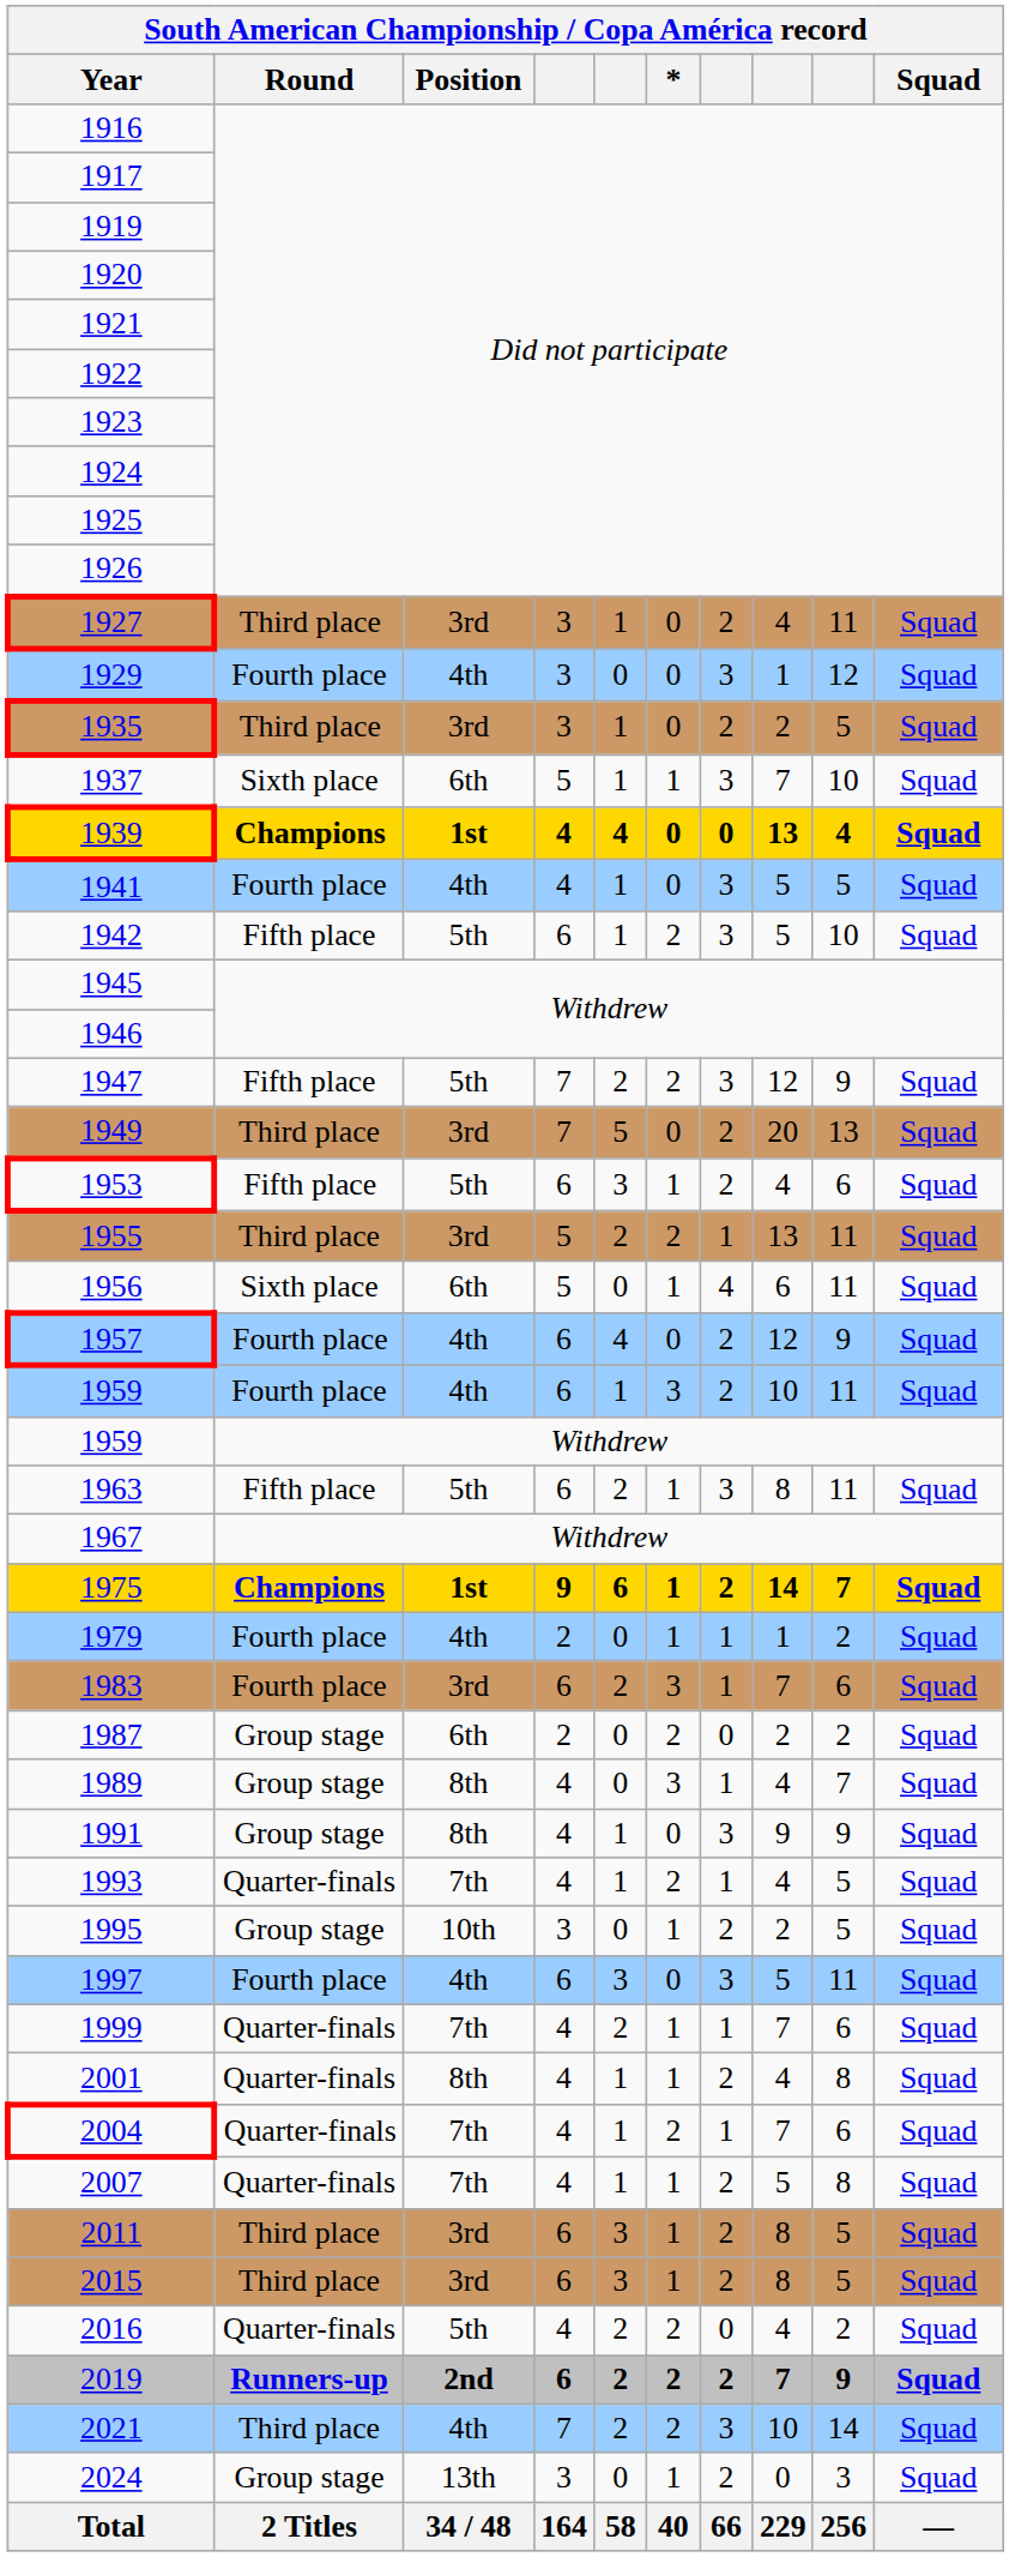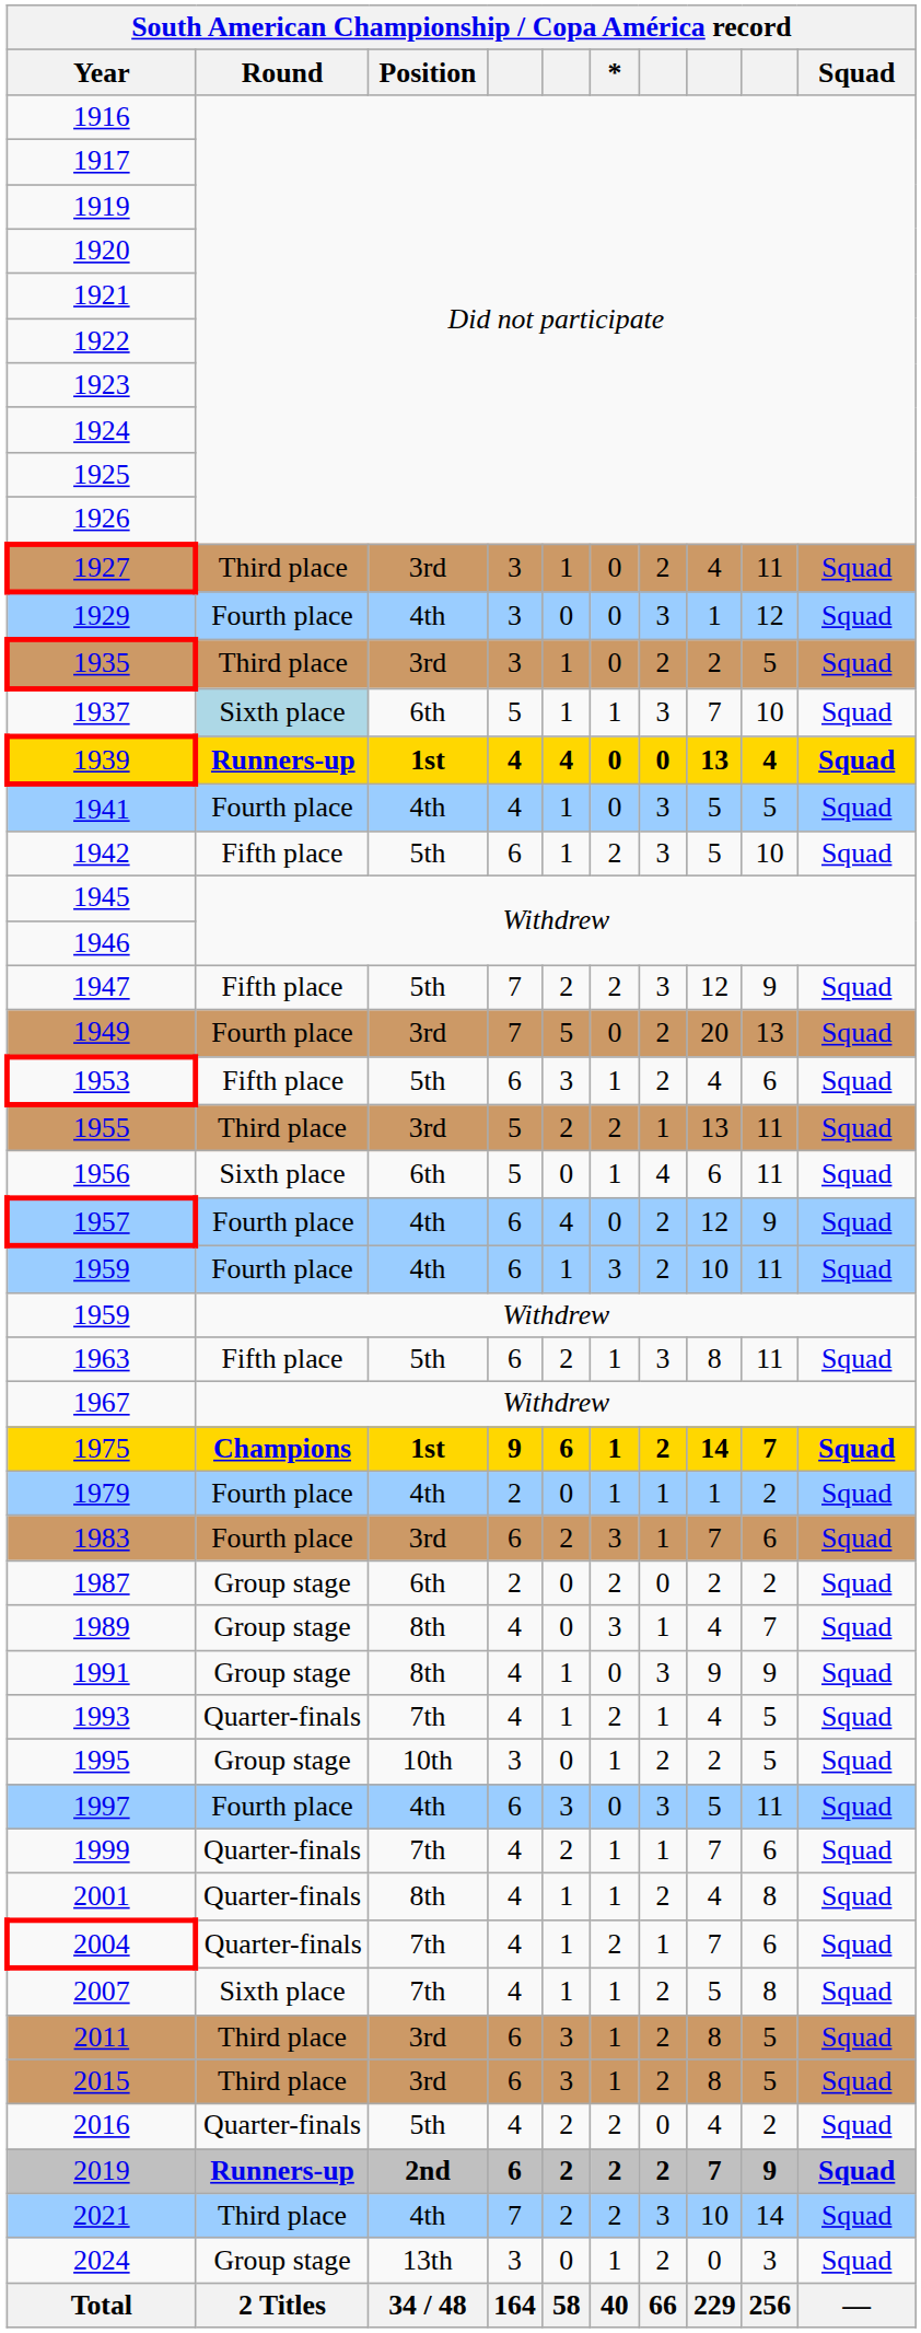 <table class="wikitable mw-collapsible" style="text-align:center">
 <tr>
 <th colspan=10><a href='#'>South American Championship / Copa América</a> record</th>
 </tr>
 <tr>
 <th width=100>Year</th>
 <th>Round</th>
 <th width=60>Position</th>
 <th width=20></th>
 <th width=20></th>
 <th width=20>*</th>
 <th width=20></th>
 <th width=20></th>
 <th width=20></th>
 <th width=60>Squad</th>
 </tr>
 <tr>
 <td> <a href='#'>1916</a></td>
 <td colspan=9 rowspan=10><em>Did not participate</em></td>
 </tr>
 <tr>
 <td> <a href='#'>1917</a></td>
 </tr>
 <tr>
 <td> <a href='#'>1919</a></td>
 </tr>
 <tr>
 <td> <a href='#'>1920</a></td>
 </tr>
 <tr>
 <td> <a href='#'>1921</a></td>
 </tr>
 <tr>
 <td> <a href='#'>1922</a></td>
 </tr>
 <tr>
 <td> <a href='#'>1923</a></td>
 </tr>
 <tr>
 <td> <a href='#'>1924</a></td>
 </tr>
 <tr>
 <td> <a href='#'>1925</a></td>
 </tr>
 <tr>
 <td> <a href='#'>1926</a></td>
 </tr>
 <tr style="background:#c96">
 <td style="border:3px solid red"> <a href='#'>1927</a></td>
 <td>Third place</td>
 <td>3rd</td>
 <td>3</td>
 <td>1</td>
 <td>0</td>
 <td>2</td>
 <td>4</td>
 <td>11</td>
 <td><a href='#'>Squad</a></td>
 </tr>
 <tr style="background:#9acdff">
 <td> <a href='#'>1929</a></td>
 <td>Fourth place</td>
 <td>4th</td>
 <td>3</td>
 <td>0</td>
 <td>0</td>
 <td>3</td>
 <td>1</td>
 <td>12</td>
 <td><a href='#'>Squad</a></td>
 </tr>
 <tr style="background:#c96">
 <td style="border:3px solid red"> <a href='#'>1935</a></td>
 <td>Third place</td>
 <td>3rd</td>
 <td>3</td>
 <td>1</td>
 <td>0</td>
 <td>2</td>
 <td>2</td>
 <td>5</td>
 <td><a href='#'>Squad</a></td>
 </tr>
 <tr>
 <td> <a href='#'>1937</a></td>
-<td>Sixth place</td>
+<td style="background: lightblue;">Sixth place</td>
 <td>6th</td>
 <td>5</td>
 <td>1</td>
 <td>1</td>
 <td>3</td>
 <td>7</td>
 <td>10</td>
 <td><a href='#'>Squad</a></td>
 </tr>
 <tr style="background:gold">
 <td style="border:3px solid red"> <a href='#'>1939</a></td>
-<td><strong>Champions</strong></td>
+<td><strong><a href='#'>Runners-up</a></strong></td>
 <td><strong>1st</strong></td>
 <td><strong>4</strong></td>
 <td><strong>4</strong></td>
 <td><strong>0</strong></td>
 <td><strong>0</strong></td>
 <td><strong>13</strong></td>
 <td><strong>4</strong></td>
 <td><strong><a href='#'>Squad</a></strong></td>
 </tr>
 <tr style="background:#9acdff">
 <td> <a href='#'>1941</a></td>
 <td>Fourth place</td>
 <td>4th</td>
 <td>4</td>
 <td>1</td>
 <td>0</td>
 <td>3</td>
 <td>5</td>
 <td>5</td>
 <td><a href='#'>Squad</a></td>
 </tr>
 <tr>
 <td> <a href='#'>1942</a></td>
 <td>Fifth place</td>
 <td>5th</td>
 <td>6</td>
 <td>1</td>
 <td>2</td>
 <td>3</td>
 <td>5</td>
 <td>10</td>
 <td><a href='#'>Squad</a></td>
 </tr>
 <tr>
 <td> <a href='#'>1945</a></td>
 <td colspan=9 rowspan=2><em>Withdrew</em></td>
 </tr>
 <tr>
 <td> <a href='#'>1946</a></td>
 </tr>
 <tr>
 <td> <a href='#'>1947</a></td>
 <td>Fifth place</td>
 <td>5th</td>
 <td>7</td>
 <td>2</td>
 <td>2</td>
 <td>3</td>
 <td>12</td>
 <td>9</td>
 <td><a href='#'>Squad</a></td>
 </tr>
 <tr style="background:#c96">
 <td> <a href='#'>1949</a></td>
-<td>Third place</td>
+<td>Fourth place</td>
 <td>3rd</td>
 <td>7</td>
 <td>5</td>
 <td>0</td>
 <td>2</td>
 <td>20</td>
 <td>13</td>
 <td><a href='#'>Squad</a></td>
 </tr>
 <tr>
 <td style="border:3px solid red"> <a href='#'>1953</a></td>
 <td>Fifth place</td>
 <td>5th</td>
 <td>6</td>
 <td>3</td>
 <td>1</td>
 <td>2</td>
 <td>4</td>
 <td>6</td>
 <td><a href='#'>Squad</a></td>
 </tr>
 <tr style="background:#c96">
 <td> <a href='#'>1955</a></td>
 <td>Third place</td>
 <td>3rd</td>
 <td>5</td>
 <td>2</td>
 <td>2</td>
 <td>1</td>
 <td>13</td>
 <td>11</td>
 <td><a href='#'>Squad</a></td>
 </tr>
 <tr>
 <td> <a href='#'>1956</a></td>
 <td>Sixth place</td>
 <td>6th</td>
 <td>5</td>
 <td>0</td>
 <td>1</td>
 <td>4</td>
 <td>6</td>
 <td>11</td>
 <td><a href='#'>Squad</a></td>
 </tr>
 <tr style="background:#9acdff">
 <td style="border:3px solid red"> <a href='#'>1957</a></td>
 <td>Fourth place</td>
 <td>4th</td>
 <td>6</td>
 <td>4</td>
 <td>0</td>
 <td>2</td>
 <td>12</td>
 <td>9</td>
 <td><a href='#'>Squad</a></td>
 </tr>
 <tr style="background:#9acdff">
 <td> <a href='#'>1959</a></td>
 <td>Fourth place</td>
 <td>4th</td>
 <td>6</td>
 <td>1</td>
 <td>3</td>
 <td>2</td>
 <td>10</td>
 <td>11</td>
 <td><a href='#'>Squad</a></td>
 </tr>
 <tr>
 <td> <a href='#'>1959</a></td>
 <td colspan=9><em>Withdrew</em></td>
 </tr>
 <tr>
 <td> <a href='#'>1963</a></td>
 <td>Fifth place</td>
 <td>5th</td>
 <td>6</td>
 <td>2</td>
 <td>1</td>
 <td>3</td>
 <td>8</td>
 <td>11</td>
 <td><a href='#'>Squad</a></td>
 </tr>
 <tr>
 <td> <a href='#'>1967</a></td>
 <td colspan=9><em>Withdrew</em></td>
 </tr>
 <tr style="background:gold">
 <td><a href='#'>1975</a></td>
 <td><strong><a href='#'>Champions</a></strong></td>
 <td><strong>1st</strong></td>
 <td><strong>9</strong></td>
 <td><strong>6</strong></td>
 <td><strong>1</strong></td>
 <td><strong>2</strong></td>
 <td><strong>14</strong></td>
 <td><strong>7</strong></td>
 <td><strong><a href='#'>Squad</a></strong></td>
 </tr>
 <tr style="background:#9acdff">
 <td><a href='#'>1979</a></td>
 <td>Fourth place</td>
 <td>4th</td>
 <td>2</td>
 <td>0</td>
 <td>1</td>
 <td>1</td>
 <td>1</td>
 <td>2</td>
 <td><a href='#'>Squad</a></td>
 </tr>
 <tr style="background:#c96">
 <td><a href='#'>1983</a></td>
 <td>Fourth place</td>
 <td>3rd</td>
 <td>6</td>
 <td>2</td>
 <td>3</td>
 <td>1</td>
 <td>7</td>
 <td>6</td>
 <td><a href='#'>Squad</a></td>
 </tr>
 <tr>
 <td> <a href='#'>1987</a></td>
 <td>Group stage</td>
 <td>6th</td>
 <td>2</td>
 <td>0</td>
 <td>2</td>
 <td>0</td>
 <td>2</td>
 <td>2</td>
 <td><a href='#'>Squad</a></td>
 </tr>
 <tr>
 <td> <a href='#'>1989</a></td>
 <td>Group stage</td>
 <td>8th</td>
 <td>4</td>
 <td>0</td>
 <td>3</td>
 <td>1</td>
 <td>4</td>
 <td>7</td>
 <td><a href='#'>Squad</a></td>
 </tr>
 <tr>
 <td> <a href='#'>1991</a></td>
 <td>Group stage</td>
 <td>8th</td>
 <td>4</td>
 <td>1</td>
 <td>0</td>
 <td>3</td>
 <td>9</td>
 <td>9</td>
 <td><a href='#'>Squad</a></td>
 </tr>
 <tr>
 <td> <a href='#'>1993</a></td>
 <td>Quarter-finals</td>
 <td>7th</td>
 <td>4</td>
 <td>1</td>
 <td>2</td>
 <td>1</td>
 <td>4</td>
 <td>5</td>
 <td><a href='#'>Squad</a></td>
 </tr>
 <tr>
 <td> <a href='#'>1995</a></td>
 <td>Group stage</td>
 <td>10th</td>
 <td>3</td>
 <td>0</td>
 <td>1</td>
 <td>2</td>
 <td>2</td>
 <td>5</td>
 <td><a href='#'>Squad</a></td>
 </tr>
 <tr style="background:#9acdff">
 <td> <a href='#'>1997</a></td>
 <td>Fourth place</td>
 <td>4th</td>
 <td>6</td>
 <td>3</td>
 <td>0</td>
 <td>3</td>
 <td>5</td>
 <td>11</td>
 <td><a href='#'>Squad</a></td>
 </tr>
 <tr>
 <td> <a href='#'>1999</a></td>
 <td>Quarter-finals</td>
 <td>7th</td>
 <td>4</td>
 <td>2</td>
 <td>1</td>
 <td>1</td>
 <td>7</td>
 <td>6</td>
 <td><a href='#'>Squad</a></td>
 </tr>
 <tr>
 <td> <a href='#'>2001</a></td>
 <td>Quarter-finals</td>
 <td>8th</td>
 <td>4</td>
 <td>1</td>
 <td>1</td>
 <td>2</td>
 <td>4</td>
 <td>8</td>
 <td><a href='#'>Squad</a></td>
 </tr>
 <tr>
 <td style="border:3px solid red"> <a href='#'>2004</a></td>
 <td>Quarter-finals</td>
 <td>7th</td>
 <td>4</td>
 <td>1</td>
 <td>2</td>
 <td>1</td>
 <td>7</td>
 <td>6</td>
 <td><a href='#'>Squad</a></td>
 </tr>
 <tr>
 <td> <a href='#'>2007</a></td>
-<td>Quarter-finals</td>
+<td>Sixth place</td>
 <td>7th</td>
 <td>4</td>
 <td>1</td>
 <td>1</td>
 <td>2</td>
 <td>5</td>
 <td>8</td>
 <td><a href='#'>Squad</a></td>
 </tr>
 <tr style="background:#c96">
 <td> <a href='#'>2011</a></td>
 <td>Third place</td>
 <td>3rd</td>
 <td>6</td>
 <td>3</td>
 <td>1</td>
 <td>2</td>
 <td>8</td>
 <td>5</td>
 <td><a href='#'>Squad</a></td>
 </tr>
 <tr style="background:#c96">
 <td> <a href='#'>2015</a></td>
 <td>Third place</td>
 <td>3rd</td>
 <td>6</td>
 <td>3</td>
 <td>1</td>
 <td>2</td>
 <td>8</td>
 <td>5</td>
 <td><a href='#'>Squad</a></td>
 </tr>
 <tr>
 <td> <a href='#'>2016</a></td>
 <td>Quarter-finals</td>
 <td>5th</td>
 <td>4</td>
 <td>2</td>
 <td>2</td>
 <td>0</td>
 <td>4</td>
 <td>2</td>
 <td><a href='#'>Squad</a></td>
 </tr>
 <tr style="background:silver">
 <td> <a href='#'>2019</a></td>
 <td><strong><a href='#'>Runners-up</a></strong></td>
 <td><strong>2nd</strong></td>
 <td><strong>6</strong></td>
 <td><strong>2</strong></td>
 <td><strong>2</strong></td>
 <td><strong>2</strong></td>
 <td><strong>7</strong></td>
 <td><strong>9</strong></td>
 <td><strong><a href='#'>Squad</a></strong></td>
 </tr>
 <tr style="background:#9acdff">
 <td> <a href='#'>2021</a></td>
 <td>Third place</td>
 <td>4th</td>
 <td>7</td>
 <td>2</td>
 <td>2</td>
 <td>3</td>
 <td>10</td>
 <td>14</td>
 <td><a href='#'>Squad</a></td>
 </tr>
 <tr>
 <td> <a href='#'>2024</a></td>
 <td>Group stage</td>
 <td>13th</td>
 <td>3</td>
 <td>0</td>
 <td>1</td>
 <td>2</td>
 <td>0</td>
 <td>3</td>
 <td><a href='#'>Squad</a></td>
 </tr>
 <tr>
 <th>Total</th>
 <th>2 Titles</th>
 <th>34 / 48</th>
 <th>164</th>
 <th>58</th>
 <th>40</th>
 <th>66</th>
 <th>229</th>
 <th>256</th>
 <th>—</th>
 </tr>
 </table>
